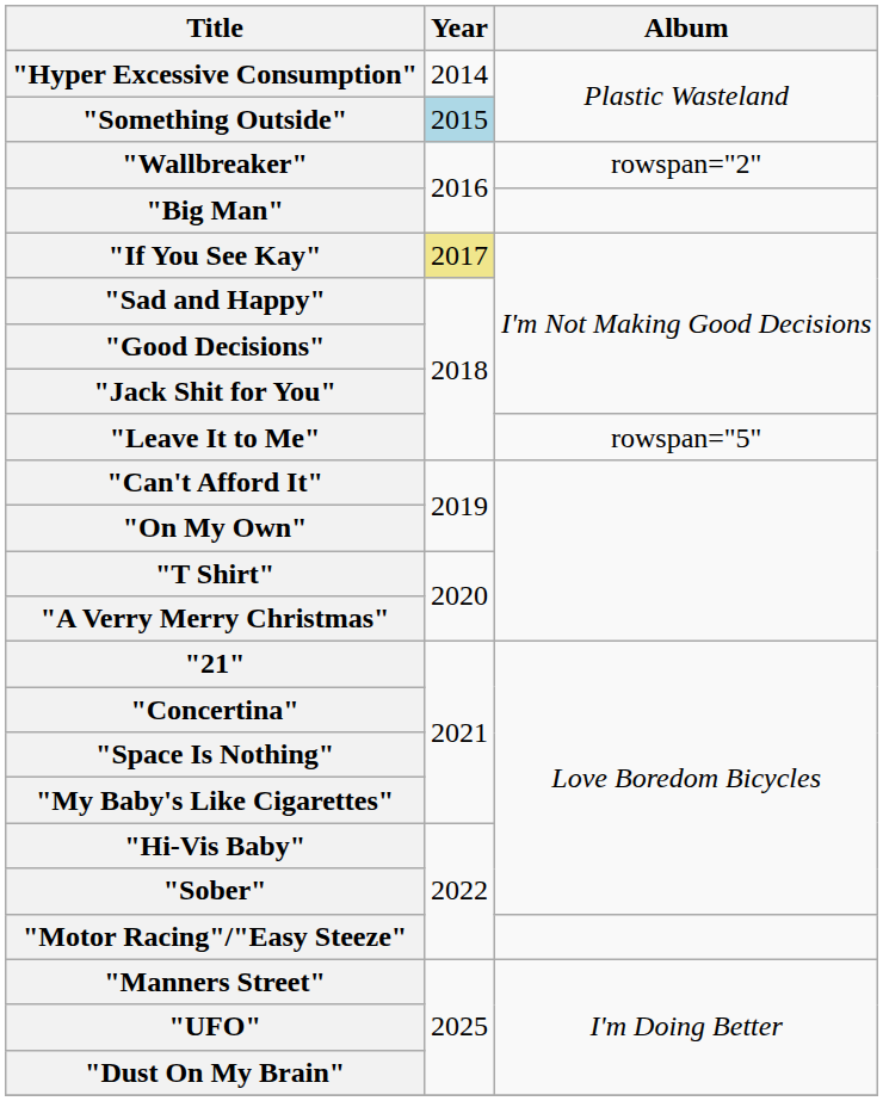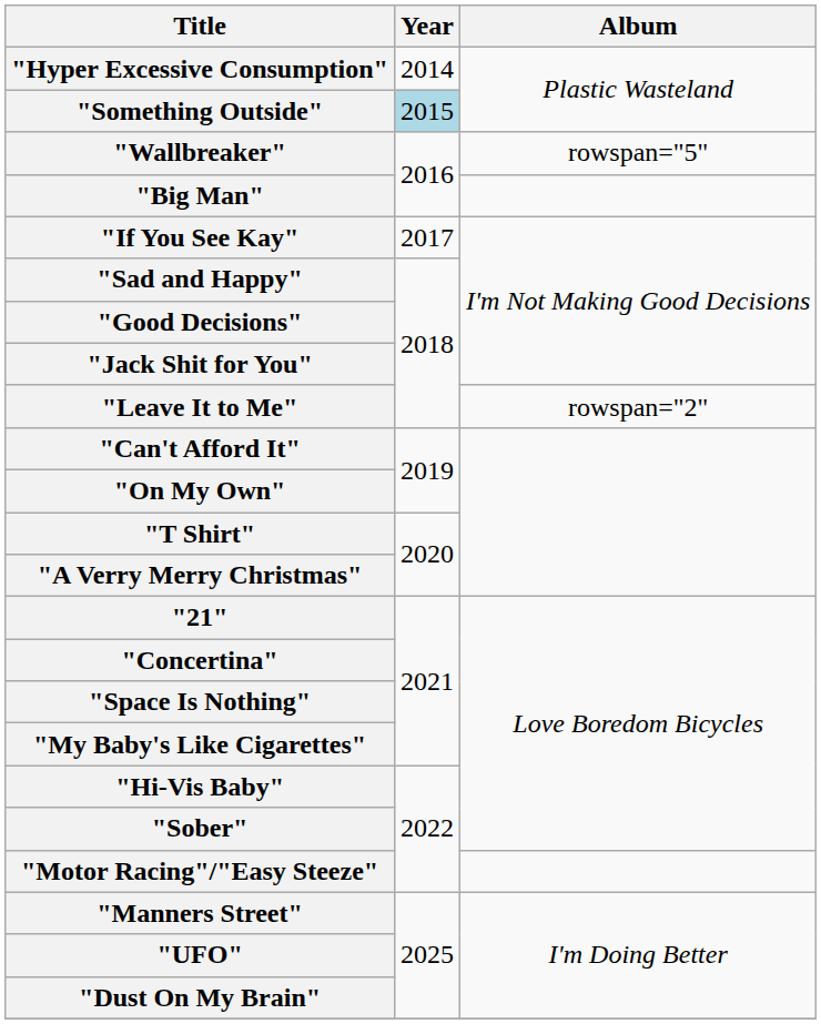 <table class="wikitable plainrowheaders" style="text-align:center;">
 <tr>
 <th scope="col" rowspan="1">Title</th>
 <th scope="col" rowspan="1">Year</th>
 <th scope="col" rowspan="1">Album</th>
 </tr>
 <tr>
 <th scope="row">"Hyper Excessive Consumption"</th>
 <td>2014</td>
 <td rowspan="2"><em>Plastic Wasteland</em></td>
 </tr>
 <tr>
 <th scope="row">"Something Outside"</th>
 <td style="background: lightblue;">2015</td>
 </tr>
 <tr>
 <th scope="row">"Wallbreaker"</th>
 <td rowspan="2">2016</td>
-<td>rowspan="2" </td>
+<td>rowspan="5" </td>
 </tr>
 <tr>
 <th scope="row">"Big Man"</th>
 </tr>
 <tr>
 <th scope="row">"If You See Kay"</th>
-<td style="background: khaki;">2017</td>
+<td>2017</td>
 <td rowspan="4"><em>I'm Not Making Good Decisions</em></td>
 </tr>
 <tr>
 <th scope="row">"Sad and Happy"</th>
 <td rowspan="4">2018</td>
 </tr>
 <tr>
 <th scope="row">"Good Decisions"</th>
 </tr>
 <tr>
 <th scope="row">"Jack Shit for You"</th>
 </tr>
 <tr>
 <th scope="row">"Leave It to Me"</th>
-<td>rowspan="5" </td>
+<td>rowspan="2" </td>
 </tr>
 <tr>
 <th scope="row">"Can't Afford It"</th>
 <td rowspan="2">2019</td>
 </tr>
 <tr>
 <th scope="row">"On My Own"</th>
 </tr>
 <tr>
 <th scope="row">"T Shirt"</th>
 <td rowspan="2">2020</td>
 </tr>
 <tr>
 <th scope="row">"A Verry Merry Christmas"</th>
 </tr>
 <tr>
 <th scope="row">"21"</th>
 <td rowspan="4">2021</td>
 <td rowspan="6"><em>Love Boredom Bicycles</em></td>
 </tr>
 <tr>
 <th scope="row">"Concertina"</th>
 </tr>
 <tr>
 <th scope="row">"Space Is Nothing"</th>
 </tr>
 <tr>
 <th scope="row">"My Baby's Like Cigarettes"</th>
 </tr>
 <tr>
 <th scope="row">"Hi-Vis Baby"</th>
 <td rowspan="3">2022</td>
 </tr>
 <tr>
 <th scope="row">"Sober"</th>
 </tr>
 <tr>
 <th scope="row">"Motor Racing"/"Easy Steeze"</th>
 <td></td>
 </tr>
 <tr>
 <th scope="row">"Manners Street"</th>
 <td rowspan="3">2025</td>
 <td rowspan="3"><em>I'm Doing Better</em></td>
 </tr>
 <tr>
 <th scope="row">"UFO"</th>
 </tr>
 <tr>
 <th scope="row">"Dust On My Brain"</th>
 </tr>
 <tr>
 </tr>
 </table>
